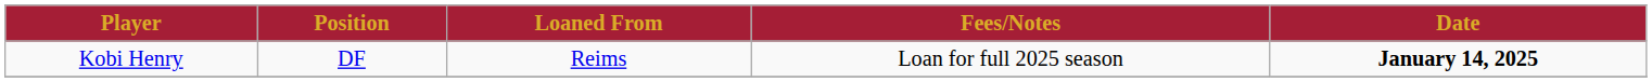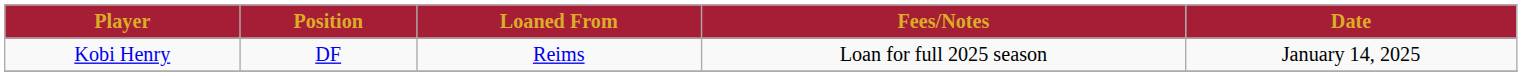 <table class="wikitable sortable" style="width:90%; text-align:center; font-size:95%;">
 <tr>
 <th style="background:#A51E36; color:#DAAC27; text-align:center;"><strong>Player </strong></th>
 <th style="background:#A51E36; color:#DAAC27; text-align:center;"><strong>Position </strong></th>
 <th style="background:#A51E36; color:#DAAC27; text-align:center;"><strong>Loaned From</strong></th>
 <th style="background:#A51E36; color:#DAAC27; text-align:center;"><strong>Fees/Notes </strong></th>
 <th style="background:#A51E36; color:#DAAC27; text-align:center;"><strong>Date</strong></th>
 </tr>
 <tr>
 <td> <a href='#'>Kobi Henry</a></td>
 <td style="text-align:center;"><a href='#'>DF</a></td>
 <td> <a href='#'>Reims</a></td>
 <td>Loan for full 2025 season</td>
-<td><strong>January 14, 2025</strong></td>
+<td>January 14, 2025</td>
 </tr>
 <tr>
 </tr>
 </table>
